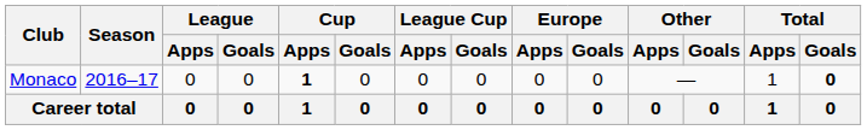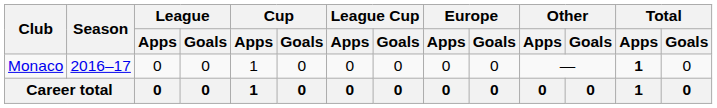 <table class="wikitable" style="text-align: center">
 <tr>
 <th rowspan="2">Club</th>
 <th rowspan="2">Season</th>
 <th colspan="2">League</th>
 <th colspan="2">Cup</th>
 <th colspan="2">League Cup</th>
 <th colspan="2">Europe</th>
 <th colspan="2">Other</th>
 <th colspan="2">Total</th>
 </tr>
 <tr>
 <th>Apps</th>
 <th>Goals</th>
 <th>Apps</th>
 <th>Goals</th>
 <th>Apps</th>
 <th>Goals</th>
 <th>Apps</th>
 <th>Goals</th>
 <th>Apps</th>
 <th>Goals</th>
 <th>Apps</th>
 <th>Goals</th>
 </tr>
 <tr>
 <td rowspan="1"><a href='#'>Monaco</a></td>
 <td><a href='#'>2016–17</a></td>
 <td>0</td>
 <td>0</td>
-<td><strong>1</strong></td>
+<td>1</td>
 <td>0</td>
 <td>0</td>
 <td>0</td>
 <td>0</td>
 <td>0</td>
 <td colspan="2">—</td>
-<td>1</td>
-<td><strong>0</strong></td>
+<td><strong>1</strong></td>
+<td>0</td>
 </tr>
 <tr>
 <th colspan="2">Career total</th>
 <th>0</th>
 <th>0</th>
 <th>1</th>
 <th>0</th>
 <th>0</th>
 <th>0</th>
 <th>0</th>
 <th>0</th>
 <th>0</th>
 <th>0</th>
 <th>1</th>
 <th>0</th>
 </tr>
 </table>
